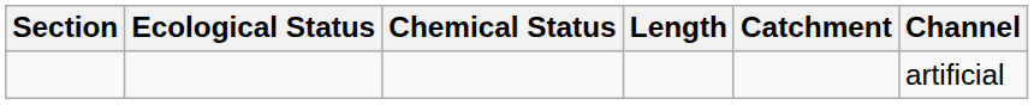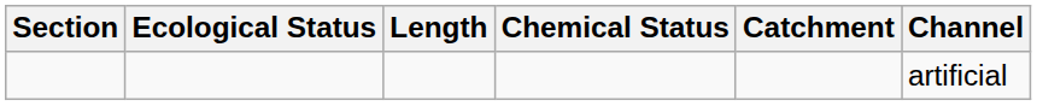 <table class="wikitable">
 <tr>
 <th>Section</th>
 <th>Ecological Status</th>
+<th>Length</th>
 <th>Chemical Status</th>
-<th>Length</th>
 <th>Catchment</th>
 <th>Channel</th>
 </tr>
 <tr>
 <td></td>
 <td></td>
 <td></td>
 <td></td>
 <td></td>
 <td>artificial</td>
 </tr>
 </table>
